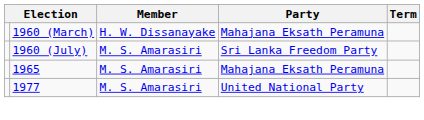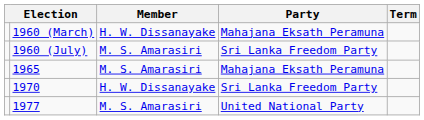 <table class="wikitable">
 <tr>
 <th colspan="2">Election</th>
 <th>Member</th>
 <th>Party</th>
 <th>Term</th>
 </tr>
 <tr>
 <td style="background-color: "></td>
 <td><a href='#'>1960 (March)</a></td>
 <td><a href='#'>H. W. Dissanayake</a></td>
 <td><a href='#'>Mahajana Eksath Peramuna</a></td>
 <td></td>
 </tr>
 <tr>
 <td style="background-color:"></td>
 <td><a href='#'>1960 (July)</a></td>
 <td><a href='#'>M. S. Amarasiri</a></td>
 <td><a href='#'>Sri Lanka Freedom Party</a></td>
 <td></td>
 </tr>
 <tr>
 <td style="background-color:"></td>
 <td><a href='#'>1965</a></td>
 <td><a href='#'>M. S. Amarasiri</a></td>
 <td><a href='#'>Mahajana Eksath Peramuna</a></td>
 <td></td>
 </tr>
 <tr>
 <td style="background-color:"></td>
+<td><a href='#'>1970</a></td>
+<td><a href='#'>H. W. Dissanayake</a></td>
+<td><a href='#'>Sri Lanka Freedom Party</a></td>
+<td></td>
+</tr>
+<tr>
+<td style="background-color:"></td>
 <td><a href='#'>1977</a></td>
 <td><a href='#'>M. S. Amarasiri</a></td>
 <td><a href='#'>United National Party</a></td>
 <td></td>
 </tr>
 </table>
